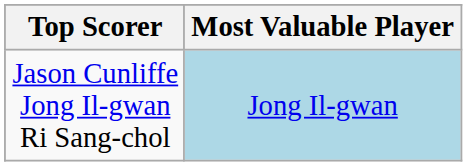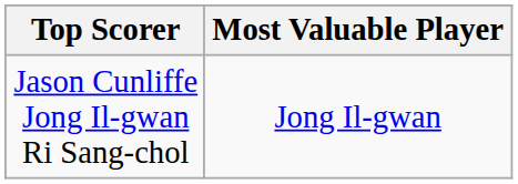 <table class="wikitable" style="margin: 0 auto;">
 <tr>
 <th>Top Scorer</th>
 <th>Most Valuable Player</th>
 </tr>
 <tr>
 <td align = center> <a href='#'>Jason Cunliffe</a> <br>  <a href='#'>Jong Il-gwan</a> <br>  Ri Sang-chol</td>
-<td align = center style="background: lightblue;"> <a href='#'>Jong Il-gwan</a></td>
+<td align = center> <a href='#'>Jong Il-gwan</a></td>
 </tr>
 </table>
